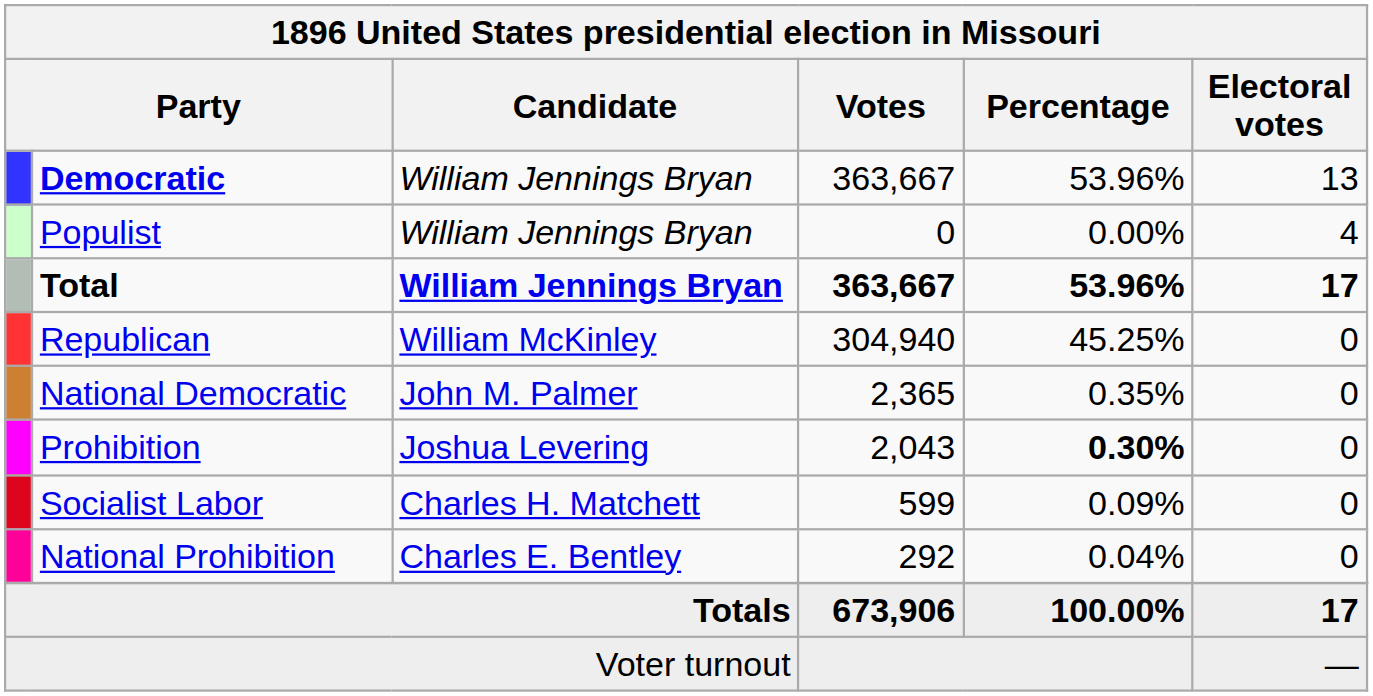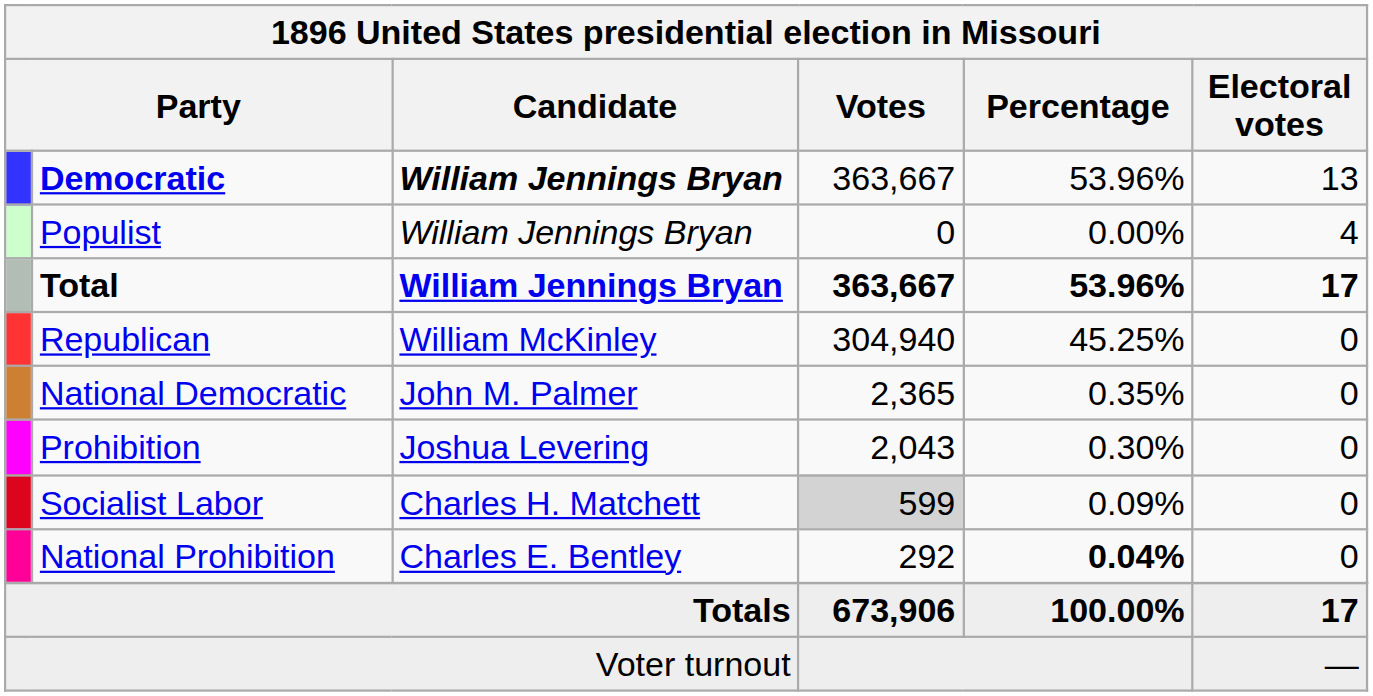 <table class="wikitable" style="font-size: 95%;">
 <tr>
 <th colspan="6">1896 United States presidential election in Missouri</th>
 </tr>
 <tr>
 <th colspan="2" style="width: 15em">Party</th>
 <th style="width: 17em">Candidate</th>
 <th style="width: 5em">Votes</th>
 <th style="width: 7em">Percentage</th>
 <th style="width: 5em">Electoral votes</th>
 </tr>
 <tr>
 <th style="background-color:#3333FF; width: 3px"></th>
 <td style="width: 130px"><strong><a href='#'>Democratic</a></strong></td>
-<td><em>William Jennings Bryan</em></td>
+<td><strong><em>William Jennings Bryan</em></strong></td>
 <td align="right">363,667</td>
 <td align="right">53.96%</td>
 <td align="right">13</td>
 </tr>
 <tr>
 <th style="background-color:#CCFFCC; width: 3px"></th>
 <td style="width: 130px"><a href='#'>Populist</a></td>
 <td><em>William Jennings Bryan</em></td>
 <td align="right">0</td>
 <td align="right">0.00%</td>
 <td align="right">4</td>
 </tr>
 <tr>
 <th style="background-color:#B2BEB5; width: 3px"></th>
 <td style="width: 130px"><strong> Total</strong></td>
 <td><strong><a href='#'>William Jennings Bryan</a></strong></td>
 <td align="right"><strong>363,667</strong></td>
 <td align="right"><strong>53.96%</strong></td>
 <td align="right"><strong>17</strong></td>
 </tr>
 <tr>
 <th style="background-color:#FF3333; width: 3px"></th>
 <td style="width: 130px"><a href='#'>Republican</a></td>
 <td><a href='#'>William McKinley</a></td>
 <td align="right">304,940</td>
 <td align="right">45.25%</td>
 <td align="right">0</td>
 </tr>
 <tr>
 <th style="background-color:#CD7F32; width: 3px"></th>
 <td style="width: 130px"><a href='#'>National Democratic</a></td>
 <td><a href='#'>John M. Palmer</a></td>
 <td align="right">2,365</td>
 <td align="right">0.35%</td>
 <td align="right">0</td>
 </tr>
 <tr>
 <th style="background-color:#FF00FF; width: 3px"></th>
 <td style="width: 130px"><a href='#'>Prohibition</a></td>
 <td><a href='#'>Joshua Levering</a></td>
 <td align="right">2,043</td>
-<td align="right"><strong>0.30%</strong></td>
+<td align="right">0.30%</td>
 <td align="right">0</td>
 </tr>
 <tr>
 <th style="background-color:#DD051D; width: 3px"></th>
 <td style="width: 130px"><a href='#'>Socialist Labor</a></td>
 <td><a href='#'>Charles H. Matchett</a></td>
-<td align="right">599</td>
+<td align="right" style="background: lightgrey;">599</td>
 <td align="right">0.09%</td>
 <td align="right">0</td>
 </tr>
 <tr>
 <th style="background-color:#f09; width: 3px"></th>
 <td style="width: 130px"><a href='#'>National Prohibition</a></td>
 <td><a href='#'>Charles E. Bentley</a></td>
 <td align="right">292</td>
-<td align="right">0.04%</td>
+<td align="right"><strong>0.04%</strong></td>
 <td align="right">0</td>
 </tr>
 <tr>
 </tr>
 <tr bgcolor="#EEEEEE">
 <td colspan="3" align="right"><strong>Totals</strong></td>
 <td align="right"><strong>673,906</strong></td>
 <td align="right"><strong>100.00%</strong></td>
 <td align="right"><strong>17</strong></td>
 </tr>
 <tr bgcolor="#EEEEEE">
 <td colspan="3" align="right">Voter turnout</td>
 <td colspan="2" align="right"></td>
 <td align="right">—</td>
 </tr>
 </table>
